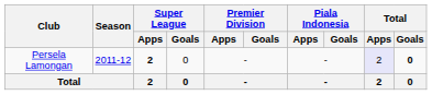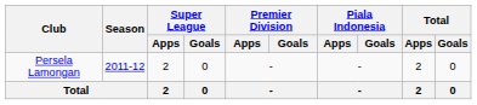 <table class="wikitable" style="font-size:90%; text-align:center;">
 <tr>
 <th rowspan="2">Club</th>
 <th rowspan="2">Season</th>
 <th colspan="2"><a href='#'>Super League</a></th>
 <th colspan="2"><a href='#'>Premier Division</a></th>
 <th colspan="2"><a href='#'>Piala Indonesia</a></th>
 <th colspan="2">Total</th>
 </tr>
 <tr>
 <th>Apps</th>
 <th>Goals</th>
 <th>Apps</th>
 <th>Goals</th>
 <th>Apps</th>
 <th>Goals</th>
 <th>Apps</th>
 <th>Goals</th>
 </tr>
 <tr>
 <td rowspan="1"><a href='#'>Persela Lamongan</a></td>
 <td><a href='#'>2011-12</a></td>
-<td><strong>2</strong></td>
+<td>2</td>
 <td>0</td>
 <td colspan="2">-</td>
 <td colspan="2">-</td>
-<td style="background: lavender;">2</td>
-<td><strong>0</strong></td>
+<td>2</td>
+<td>0</td>
 </tr>
 <tr>
 <th colspan="2">Total</th>
 <th>2</th>
 <th>0</th>
 <th colspan="2">-</th>
 <th colspan="2">-</th>
 <th>2</th>
 <th>0</th>
 </tr>
 </table>
